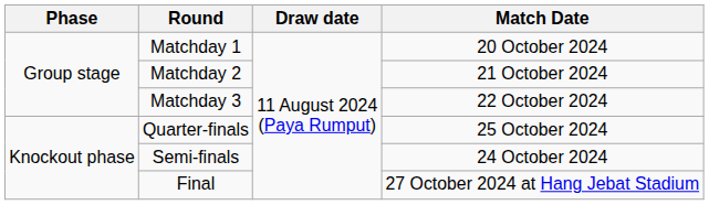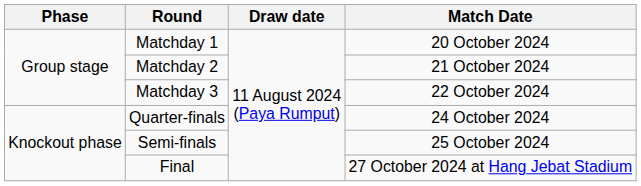 <table class="wikitable" style="text-align:center">
 <tr>
 <th>Phase</th>
 <th>Round</th>
 <th>Draw date</th>
 <th>Match Date</th>
 </tr>
 <tr>
 <td rowspan=3>Group stage</td>
 <td>Matchday 1</td>
 <td rowspan=6>11 August 2024<br>(<a href='#'>Paya Rumput</a>)</td>
 <td colspan=2>20 October 2024</td>
 </tr>
 <tr>
 <td>Matchday 2</td>
 <td colspan=2>21 October 2024</td>
 </tr>
 <tr>
 <td>Matchday 3</td>
 <td colspan=2>22 October 2024</td>
 </tr>
 <tr>
 <td rowspan=3>Knockout phase</td>
 <td>Quarter-finals</td>
-<td>25 October 2024</td>
+<td>24 October 2024</td>
 </tr>
 <tr>
 <td>Semi-finals</td>
-<td>24 October 2024</td>
+<td>25 October 2024</td>
 </tr>
 <tr>
 <td>Final</td>
 <td colspan=2>27 October 2024 at <a href='#'>Hang Jebat Stadium</a></td>
 </tr>
 </table>
